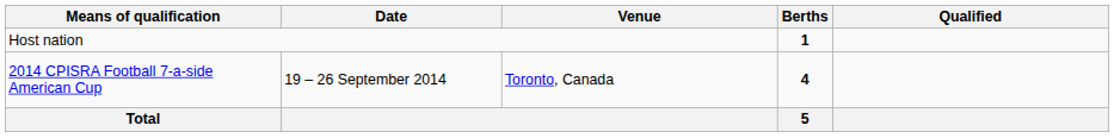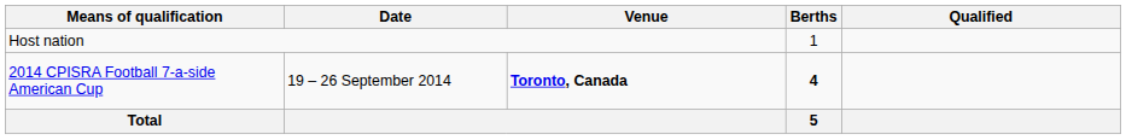 <table class="wikitable" style="width:95%">
 <tr>
 <th width=25%>Means of qualification</th>
 <th width=20%>Date</th>
 <th width=25%>Venue</th>
 <th width=5%>Berths</th>
 <th width=25%>Qualified</th>
 </tr>
 <tr>
 <td colspan=3>Host nation</td>
-<td align=center><strong>1</strong></td>
+<td align=center>1</td>
 <td></td>
 </tr>
 <tr>
 <td><a href='#'>2014 CPISRA Football 7-a-side American Cup</a></td>
 <td>19 – 26 September 2014</td>
-<td> <a href='#'>Toronto</a>, Canada</td>
+<td><strong> <a href='#'>Toronto</a>, Canada</strong></td>
 <td align="center"><strong>4</strong></td>
 <td><br><br><br></td>
 </tr>
 <tr>
 <th>Total</th>
 <th colspan="2"></th>
 <th>5</th>
 <th></th>
 </tr>
 </table>
